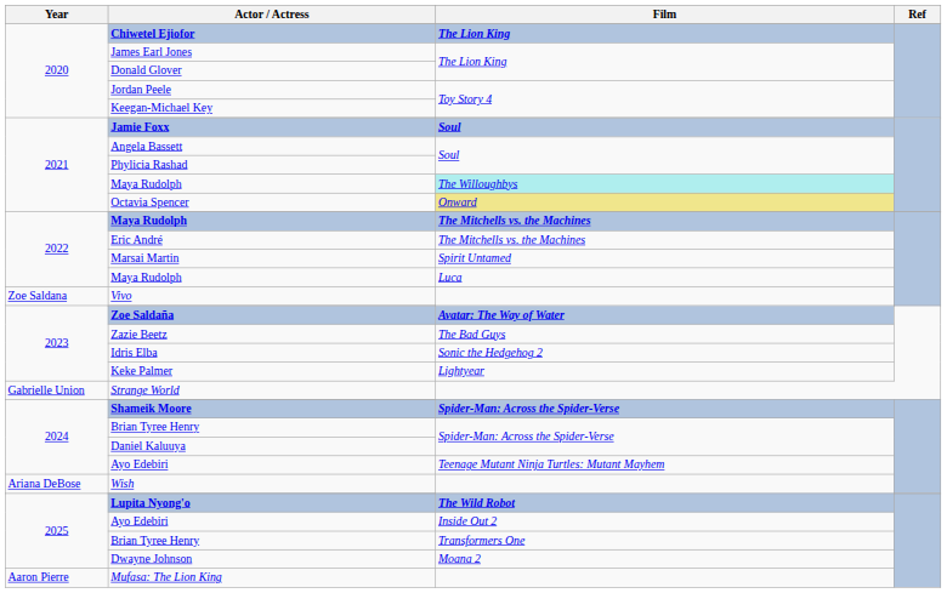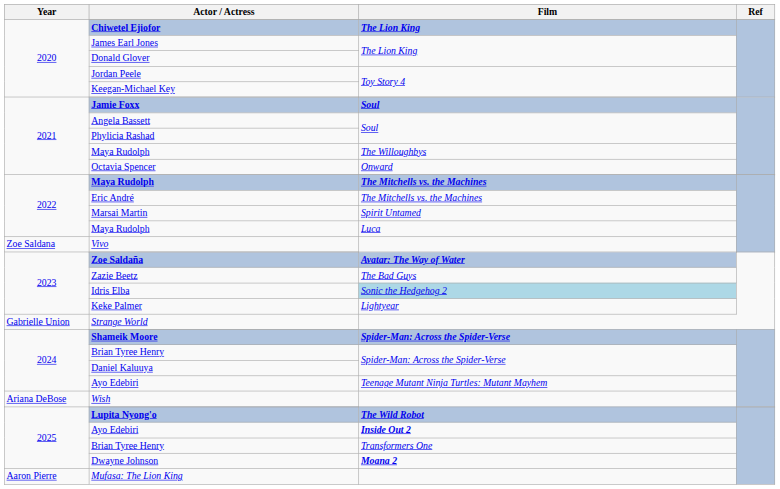 <table class="wikitable" style="width:100%;">
 <tr style="background:#bebebe;">
 <th style="width:11%;">Year</th>
 <th style="width:35%;">Actor / Actress</th>
 <th style="width:49%;">Film</th>
 <th style="width:5%;">Ref</th>
 </tr>
 <tr>
 <td rowspan="6" align="center"><a href='#'>2020</a></td>
 </tr>
 <tr style="background:#B0C4DE">
 <td><strong><a href='#'>Chiwetel Ejiofor</a></strong></td>
 <td><strong><em><a href='#'>The Lion King</a></em></strong></td>
 <td rowspan="6" align="center"></td>
 </tr>
 <tr>
 <td><a href='#'>James Earl Jones</a></td>
 <td rowspan="2"><em><a href='#'>The Lion King</a></em></td>
 </tr>
 <tr>
 <td><a href='#'>Donald Glover</a></td>
 </tr>
 <tr>
 <td><a href='#'>Jordan Peele</a></td>
 <td rowspan="2"><em><a href='#'>Toy Story 4</a></em></td>
 </tr>
 <tr>
 <td><a href='#'>Keegan-Michael Key</a></td>
 </tr>
 <tr>
 <td rowspan="6" align="center"><a href='#'>2021</a></td>
 </tr>
 <tr style="background:#B0C4DE">
 <td><strong><a href='#'>Jamie Foxx</a></strong></td>
 <td><strong><em><a href='#'>Soul</a></em></strong></td>
 <td rowspan="6" align="center"></td>
 </tr>
 <tr>
 <td><a href='#'>Angela Bassett</a></td>
 <td rowspan="2"><em><a href='#'>Soul</a></em></td>
 </tr>
 <tr>
 <td><a href='#'>Phylicia Rashad</a></td>
 </tr>
 <tr>
 <td><a href='#'>Maya Rudolph</a></td>
-<td style="background: paleturquoise;"><em><a href='#'>The Willoughbys</a></em></td>
+<td><em><a href='#'>The Willoughbys</a></em></td>
 </tr>
 <tr>
 <td><a href='#'>Octavia Spencer</a></td>
-<td style="background: khaki;"><em><a href='#'>Onward</a></em></td>
+<td><em><a href='#'>Onward</a></em></td>
 </tr>
 <tr>
 <td rowspan="6" align="center"><a href='#'>2022</a></td>
 </tr>
 <tr>
 </tr>
 <tr style="background:#B0C4DE">
 <td><strong><a href='#'>Maya Rudolph</a></strong></td>
 <td><strong><em><a href='#'>The Mitchells vs. the Machines</a></em></strong></td>
 <td rowspan="6" align="center"></td>
 </tr>
 <tr>
 <td><a href='#'>Eric André</a></td>
 <td><em><a href='#'>The Mitchells vs. the Machines</a></em></td>
 </tr>
 <tr>
 <td><a href='#'>Marsai Martin</a></td>
 <td><em><a href='#'>Spirit Untamed</a></em></td>
 </tr>
 <tr>
 <td><a href='#'>Maya Rudolph</a></td>
 <td><em><a href='#'>Luca</a></em></td>
 </tr>
 <tr>
 <td><a href='#'>Zoe Saldana</a></td>
 <td><em><a href='#'>Vivo</a></em></td>
 </tr>
 <tr>
 <td rowspan="6" align="center"><a href='#'>2023</a></td>
 </tr>
 <tr>
 </tr>
 <tr style="background:#B0C4DE">
 <td><strong><a href='#'>Zoe Saldaña</a></strong></td>
 <td><strong><em><a href='#'>Avatar: The Way of Water</a></em></strong></td>
 </tr>
 <tr>
 <td><a href='#'>Zazie Beetz</a></td>
 <td><em><a href='#'>The Bad Guys</a></em></td>
 </tr>
 <tr>
 <td><a href='#'>Idris Elba</a></td>
-<td><em><a href='#'>Sonic the Hedgehog 2</a></em></td>
+<td style="background: lightblue;"><em><a href='#'>Sonic the Hedgehog 2</a></em></td>
 </tr>
 <tr>
 <td><a href='#'>Keke Palmer</a></td>
 <td><em><a href='#'>Lightyear</a></em></td>
 </tr>
 <tr>
 <td><a href='#'>Gabrielle Union</a></td>
 <td><em><a href='#'>Strange World</a></em></td>
 </tr>
 <tr>
 <td rowspan="6" align="center"><a href='#'>2024</a></td>
 </tr>
 <tr>
 </tr>
 <tr style="background:#B0C4DE">
 <td><strong><a href='#'>Shameik Moore</a></strong></td>
 <td><strong><em><a href='#'>Spider-Man: Across the Spider-Verse</a></em></strong></td>
 <td rowspan="5" align="center"></td>
 </tr>
 <tr>
 <td><a href='#'>Brian Tyree Henry</a></td>
 <td rowspan="2"><em><a href='#'>Spider-Man: Across the Spider-Verse</a></em></td>
 </tr>
 <tr>
 <td><a href='#'>Daniel Kaluuya</a></td>
 </tr>
 <tr>
 <td><a href='#'>Ayo Edebiri</a></td>
 <td><em><a href='#'>Teenage Mutant Ninja Turtles: Mutant Mayhem</a></em></td>
 </tr>
 <tr>
 <td><a href='#'>Ariana DeBose</a></td>
 <td><em><a href='#'> Wish</a></em></td>
 </tr>
 <tr>
 <td rowspan="6" align="center"><a href='#'>2025</a></td>
 </tr>
 <tr>
 </tr>
 <tr style="background:#B0C4DE">
 <td><strong><a href='#'>Lupita Nyong'o</a></strong></td>
 <td><strong><em><a href='#'>The Wild Robot</a></em></strong></td>
 <td rowspan="5" align="center"></td>
 </tr>
 <tr>
 <td><a href='#'>Ayo Edebiri</a></td>
-<td><em><a href='#'>Inside Out 2</a></em></td>
+<td><strong><em><a href='#'>Inside Out 2</a></em></strong></td>
 </tr>
 <tr>
 <td><a href='#'>Brian Tyree Henry</a></td>
 <td><em><a href='#'>Transformers One</a></em></td>
 </tr>
 <tr>
 <td><a href='#'>Dwayne Johnson</a></td>
-<td><em><a href='#'>Moana 2</a></em></td>
+<td><strong><em><a href='#'>Moana 2</a></em></strong></td>
 </tr>
 <tr>
 <td><a href='#'>Aaron Pierre</a></td>
 <td><em><a href='#'>Mufasa: The Lion King</a></em></td>
 </tr>
 </table>
